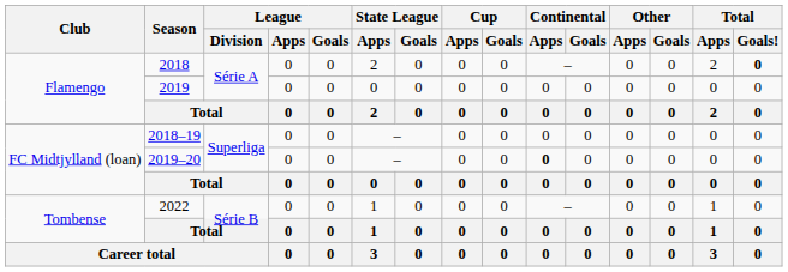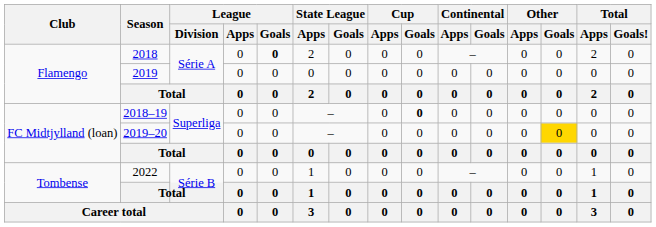 <table class="wikitable" style="text-align: center">
 <tr>
 <th rowspan="2">Club</th>
 <th rowspan="2">Season</th>
 <th colspan="3">League</th>
 <th colspan="2">State League</th>
 <th colspan="2">Cup</th>
 <th colspan="2">Continental</th>
 <th colspan="2">Other</th>
 <th colspan="2">Total</th>
 </tr>
 <tr>
 <th>Division</th>
 <th>Apps</th>
 <th>Goals</th>
 <th>Apps</th>
 <th>Goals</th>
 <th>Apps</th>
 <th>Goals</th>
 <th>Apps</th>
 <th>Goals</th>
 <th>Apps</th>
 <th>Goals</th>
 <th>Apps</th>
 <th>Goals!</th>
 </tr>
 <tr>
 <td rowspan="3" valign="center"><a href='#'>Flamengo</a></td>
 <td><a href='#'>2018</a></td>
 <td rowspan="2" valign="center"><a href='#'>Série A</a></td>
 <td>0</td>
-<td>0</td>
+<td><strong>0</strong></td>
 <td>2</td>
 <td>0</td>
 <td>0</td>
 <td>0</td>
 <td colspan="2">–</td>
 <td>0</td>
 <td>0</td>
 <td>2</td>
-<td><strong>0</strong></td>
+<td>0</td>
 </tr>
 <tr>
 <td><a href='#'>2019</a></td>
 <td>0</td>
 <td>0</td>
 <td>0</td>
 <td>0</td>
 <td>0</td>
 <td>0</td>
 <td>0</td>
 <td>0</td>
 <td>0</td>
 <td>0</td>
 <td>0</td>
 <td>0</td>
 </tr>
 <tr>
 <th colspan="2"><strong>Total</strong></th>
 <th>0</th>
 <th>0</th>
 <th>2</th>
 <th>0</th>
 <th>0</th>
 <th>0</th>
 <th>0</th>
 <th>0</th>
 <th>0</th>
 <th>0</th>
 <th>2</th>
 <th>0</th>
 </tr>
 <tr>
 <td rowspan="3" valign="center"><a href='#'>FC Midtjylland</a> (loan)</td>
 <td><a href='#'>2018–19</a></td>
 <td rowspan="2" valign="center"><a href='#'>Superliga</a></td>
 <td>0</td>
 <td>0</td>
 <td colspan="2">–</td>
 <td>0</td>
-<td>0</td>
+<td><strong>0</strong></td>
 <td>0</td>
 <td>0</td>
 <td>0</td>
 <td>0</td>
 <td>0</td>
 <td>0</td>
 </tr>
 <tr>
 <td><a href='#'>2019–20</a></td>
 <td>0</td>
 <td>0</td>
 <td colspan="2">–</td>
 <td>0</td>
 <td>0</td>
-<td><strong>0</strong></td>
 <td>0</td>
 <td>0</td>
 <td>0</td>
+<td style="background: gold;">0</td>
 <td>0</td>
 <td>0</td>
 </tr>
 <tr>
 <th colspan="2"><strong>Total</strong></th>
 <th>0</th>
 <th>0</th>
 <th>0</th>
 <th>0</th>
 <th>0</th>
 <th>0</th>
 <th>0</th>
 <th>0</th>
 <th>0</th>
 <th>0</th>
 <th>0</th>
 <th>0</th>
 </tr>
 <tr>
 <td rowspan="2" valign="center"><a href='#'>Tombense</a></td>
 <td>2022</td>
 <td rowspan="2" valign="center"><a href='#'>Série B</a></td>
 <td>0</td>
 <td>0</td>
 <td>1</td>
 <td>0</td>
 <td>0</td>
 <td>0</td>
 <td colspan="2">–</td>
 <td>0</td>
 <td>0</td>
 <td>1</td>
 <td>0</td>
 </tr>
 <tr>
 <th colspan="2"><strong>Total</strong></th>
 <th>0</th>
 <th>0</th>
 <th>1</th>
 <th>0</th>
 <th>0</th>
 <th>0</th>
 <th>0</th>
 <th>0</th>
 <th>0</th>
 <th>0</th>
 <th>1</th>
 <th>0</th>
 </tr>
 <tr>
 <th colspan="3"><strong>Career total</strong></th>
 <th>0</th>
 <th>0</th>
 <th>3</th>
 <th>0</th>
 <th>0</th>
 <th>0</th>
 <th>0</th>
 <th>0</th>
 <th>0</th>
 <th>0</th>
 <th>3</th>
 <th>0</th>
 </tr>
 </table>
